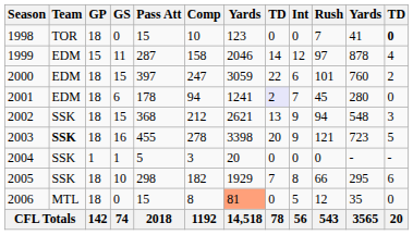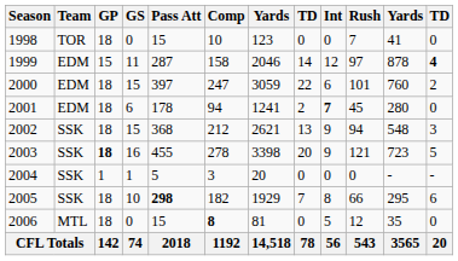 <table class="wikitable">
 <tr>
 <th>Season</th>
 <th>Team</th>
 <th>GP</th>
 <th>GS</th>
 <th>Pass Att</th>
 <th>Comp</th>
 <th>Yards</th>
 <th>TD</th>
 <th>Int</th>
 <th>Rush</th>
 <th>Yards</th>
 <th>TD</th>
 </tr>
 <tr>
 <td>1998</td>
 <td>TOR</td>
 <td>18</td>
 <td>0</td>
 <td>15</td>
 <td>10</td>
 <td>123</td>
 <td>0</td>
 <td>0</td>
 <td>7</td>
 <td>41</td>
-<td><strong>0</strong></td>
+<td>0</td>
 </tr>
 <tr>
 <td>1999</td>
 <td>EDM</td>
 <td>15</td>
 <td>11</td>
 <td>287</td>
 <td>158</td>
 <td>2046</td>
 <td>14</td>
 <td>12</td>
 <td>97</td>
 <td>878</td>
-<td>4</td>
+<td><strong>4</strong></td>
 </tr>
 <tr>
 <td>2000</td>
 <td>EDM</td>
 <td>18</td>
 <td>15</td>
 <td>397</td>
 <td>247</td>
 <td>3059</td>
 <td>22</td>
 <td>6</td>
 <td>101</td>
 <td>760</td>
 <td>2</td>
 </tr>
 <tr>
 <td>2001</td>
 <td>EDM</td>
 <td>18</td>
 <td>6</td>
 <td>178</td>
 <td>94</td>
 <td>1241</td>
-<td style="background: lavender;">2</td>
-<td>7</td>
+<td>2</td>
+<td><strong>7</strong></td>
 <td>45</td>
 <td>280</td>
 <td>0</td>
 </tr>
 <tr>
 <td>2002</td>
 <td>SSK</td>
 <td>18</td>
 <td>15</td>
 <td>368</td>
 <td>212</td>
 <td>2621</td>
 <td>13</td>
 <td>9</td>
 <td>94</td>
 <td>548</td>
 <td>3</td>
 </tr>
 <tr>
 <td>2003</td>
-<td><strong>SSK</strong></td>
-<td>18</td>
+<td>SSK</td>
+<td><strong>18</strong></td>
 <td>16</td>
 <td>455</td>
 <td>278</td>
 <td>3398</td>
 <td>20</td>
 <td>9</td>
 <td>121</td>
 <td>723</td>
 <td>5</td>
 </tr>
 <tr>
 <td>2004</td>
 <td>SSK</td>
 <td>1</td>
 <td>1</td>
 <td>5</td>
 <td>3</td>
 <td>20</td>
 <td>0</td>
 <td>0</td>
 <td>0</td>
 <td>-</td>
 <td>-</td>
 </tr>
 <tr>
 <td>2005</td>
 <td>SSK</td>
 <td>18</td>
 <td>10</td>
-<td>298</td>
+<td><strong>298</strong></td>
 <td>182</td>
 <td>1929</td>
 <td>7</td>
 <td>8</td>
 <td>66</td>
 <td>295</td>
 <td>6</td>
 </tr>
 <tr>
 <td>2006</td>
 <td>MTL</td>
 <td>18</td>
 <td>0</td>
 <td>15</td>
-<td>8</td>
-<td style="background: lightsalmon;">81</td>
+<td><strong>8</strong></td>
+<td>81</td>
 <td>0</td>
 <td>5</td>
 <td>12</td>
 <td>35</td>
 <td>0</td>
 </tr>
 <tr>
 <th colspan="2">CFL Totals</th>
 <th>142</th>
 <th>74</th>
 <th>2018</th>
 <th>1192</th>
 <th>14,518</th>
 <th>78</th>
 <th>56</th>
 <th>543</th>
 <th>3565</th>
 <th>20</th>
 </tr>
 </table>
